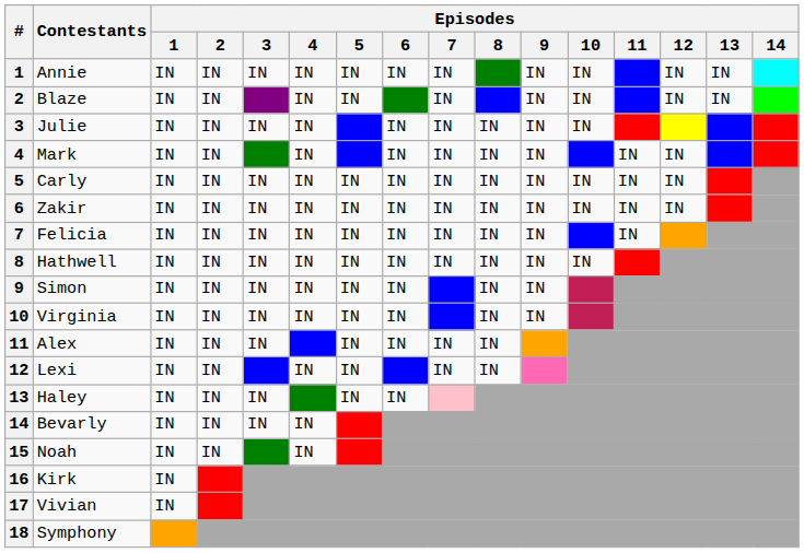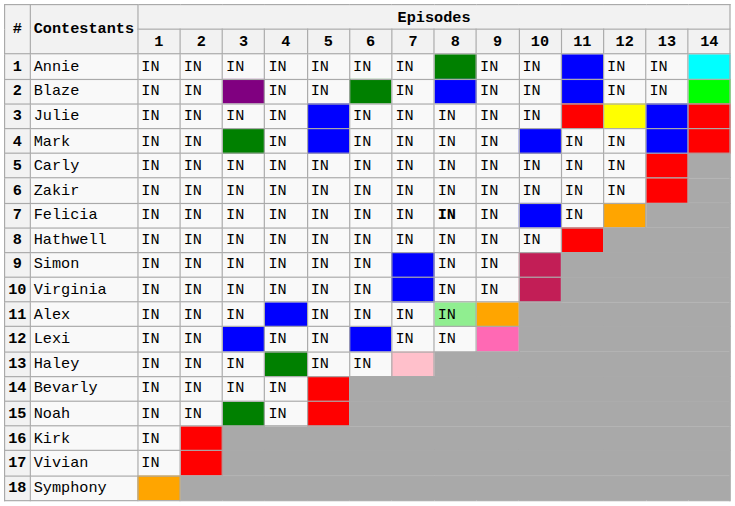 <table class="wikitable">
 <tr>
 <th rowspan=2>#</th>
 <th rowspan=2>Contestants</th>
 <th colspan=14>Episodes</th>
 </tr>
 <tr>
 <th width="30">1</th>
 <th width="30">2</th>
 <th width="30">3</th>
 <th width="30">4</th>
 <th width="30">5</th>
 <th width="30">6</th>
 <th width="30">7</th>
 <th width="30">8</th>
 <th width="30">9</th>
 <th width="30">10</th>
 <th width="30">11</th>
 <th width="30">12</th>
 <th width="30">13</th>
 <th width="30">14</th>
 </tr>
 <tr>
 <th>1</th>
 <td>Annie</td>
 <td>IN</td>
 <td>IN</td>
 <td>IN</td>
 <td>IN</td>
 <td>IN</td>
 <td>IN</td>
 <td>IN</td>
 <td style="background:green;"></td>
 <td>IN</td>
 <td>IN</td>
 <td style="background:blue;"></td>
 <td>IN</td>
 <td>IN</td>
 <td style="background:#00FFFF;"></td>
 </tr>
 <tr>
 <th>2</th>
 <td>Blaze</td>
 <td>IN</td>
 <td>IN</td>
 <td style="background:purple;"></td>
 <td>IN</td>
 <td>IN</td>
 <td style="background:green;"></td>
 <td>IN</td>
 <td style="background:blue;"></td>
 <td>IN</td>
 <td>IN</td>
 <td style="background:blue;"></td>
 <td>IN</td>
 <td>IN</td>
 <td style="background:#00FF00;"></td>
 </tr>
 <tr>
 <th>3</th>
 <td>Julie</td>
 <td>IN</td>
 <td>IN</td>
 <td>IN</td>
 <td>IN</td>
 <td style="background:blue;"></td>
 <td>IN</td>
 <td>IN</td>
 <td>IN</td>
 <td>IN</td>
 <td>IN</td>
 <td style="background:red;"></td>
 <td style="background:yellow;"></td>
 <td style="background:blue;"></td>
 <td style="background:red;"></td>
 </tr>
 <tr>
 <th>4</th>
 <td>Mark</td>
 <td>IN</td>
 <td>IN</td>
 <td style="background:green;"></td>
 <td>IN</td>
 <td style="background:blue;"></td>
 <td>IN</td>
 <td>IN</td>
 <td>IN</td>
 <td>IN</td>
 <td style="background:blue;"></td>
 <td>IN</td>
 <td>IN</td>
 <td style="background:blue;"></td>
 <td style="background:red;"></td>
 </tr>
 <tr>
 <th>5</th>
 <td>Carly</td>
 <td>IN</td>
 <td>IN</td>
 <td>IN</td>
 <td>IN</td>
 <td>IN</td>
 <td>IN</td>
 <td>IN</td>
 <td>IN</td>
 <td>IN</td>
 <td>IN</td>
 <td>IN</td>
 <td>IN</td>
 <td style="background:red;"></td>
 <td style="background:darkGrey;" colspan=1></td>
 </tr>
 <tr>
 <th>6</th>
 <td>Zakir</td>
 <td>IN</td>
 <td>IN</td>
 <td>IN</td>
 <td>IN</td>
 <td>IN</td>
 <td>IN</td>
 <td>IN</td>
 <td>IN</td>
 <td>IN</td>
 <td>IN</td>
 <td>IN</td>
 <td>IN</td>
 <td style="background:red;"></td>
 <td style="background:darkGrey;" colspan=1></td>
 </tr>
 <tr>
 <th>7</th>
 <td>Felicia</td>
 <td>IN</td>
 <td>IN</td>
 <td>IN</td>
 <td>IN</td>
 <td>IN</td>
 <td>IN</td>
 <td>IN</td>
-<td>IN</td>
+<td><strong>IN</strong></td>
 <td>IN</td>
 <td style="background:blue;"></td>
 <td>IN</td>
 <td style="background:orange;"></td>
 <td style="background:darkGrey;" colspan=2></td>
 </tr>
 <tr>
 <th>8</th>
 <td>Hathwell</td>
 <td>IN</td>
 <td>IN</td>
 <td>IN</td>
 <td>IN</td>
 <td>IN</td>
 <td>IN</td>
 <td>IN</td>
 <td>IN</td>
 <td>IN</td>
 <td>IN</td>
 <td style="background:red;"></td>
 <td style="background:darkGrey;" colspan=3></td>
 </tr>
 <tr>
 <th>9</th>
 <td>Simon</td>
 <td>IN</td>
 <td>IN</td>
 <td>IN</td>
 <td>IN</td>
 <td>IN</td>
 <td>IN</td>
 <td style="background:blue;"></td>
 <td>IN</td>
 <td>IN</td>
 <td style="background:#C21E56;"></td>
 <td style="background:darkGrey;" colspan=4></td>
 </tr>
 <tr>
 <th>10</th>
 <td>Virginia</td>
 <td>IN</td>
 <td>IN</td>
 <td>IN</td>
 <td>IN</td>
 <td>IN</td>
 <td>IN</td>
 <td style="background:blue;"></td>
 <td>IN</td>
 <td>IN</td>
 <td style="background:#C21E56;"></td>
 <td style="background:darkGrey;" colspan=4></td>
 </tr>
 <tr>
 <th>11</th>
 <td>Alex</td>
 <td>IN</td>
 <td>IN</td>
 <td>IN</td>
 <td style="background:blue;"></td>
 <td>IN</td>
 <td>IN</td>
 <td>IN</td>
-<td>IN</td>
+<td style="background: lightgreen;">IN</td>
 <td style="background:orange;"></td>
 <td style="background:darkGrey;" colspan=5></td>
 </tr>
 <tr>
 <th>12</th>
 <td>Lexi</td>
 <td>IN</td>
 <td>IN</td>
 <td style="background:blue;"></td>
 <td>IN</td>
 <td>IN</td>
 <td style="background:blue;"></td>
 <td>IN</td>
 <td>IN</td>
 <td style="background:hotpink;"></td>
 <td style="background:darkGrey;" colspan=5></td>
 </tr>
 <tr>
 <th>13</th>
 <td>Haley</td>
 <td>IN</td>
 <td>IN</td>
 <td>IN</td>
 <td style="background:green;"></td>
 <td>IN</td>
 <td>IN</td>
 <td style="background:pink;"></td>
 <td style="background:darkGrey;" colspan=7></td>
 </tr>
 <tr>
 <th>14</th>
 <td>Bevarly</td>
 <td>IN</td>
 <td>IN</td>
 <td>IN</td>
 <td>IN</td>
 <td style="background:red;"></td>
 <td style="background:darkGrey;" colspan=9></td>
 </tr>
 <tr>
 <th>15</th>
 <td>Noah</td>
 <td>IN</td>
 <td>IN</td>
 <td style="background:green;"></td>
 <td>IN</td>
 <td style="background:red;"></td>
 <td style="background:darkGrey;" colspan=9></td>
 </tr>
 <tr>
 <th>16</th>
 <td>Kirk</td>
 <td>IN</td>
 <td style="background:red;"></td>
 <td style="background:darkGrey;" colspan=12></td>
 </tr>
 <tr>
 <th>17</th>
 <td>Vivian</td>
 <td>IN</td>
 <td style="background:red;"></td>
 <td style="background:darkGrey;" colspan=12></td>
 </tr>
 <tr>
 <th>18</th>
 <td>Symphony</td>
 <td style="background:orange;"></td>
 <td style="background:darkGrey;" colspan=13></td>
 </tr>
 </table>
